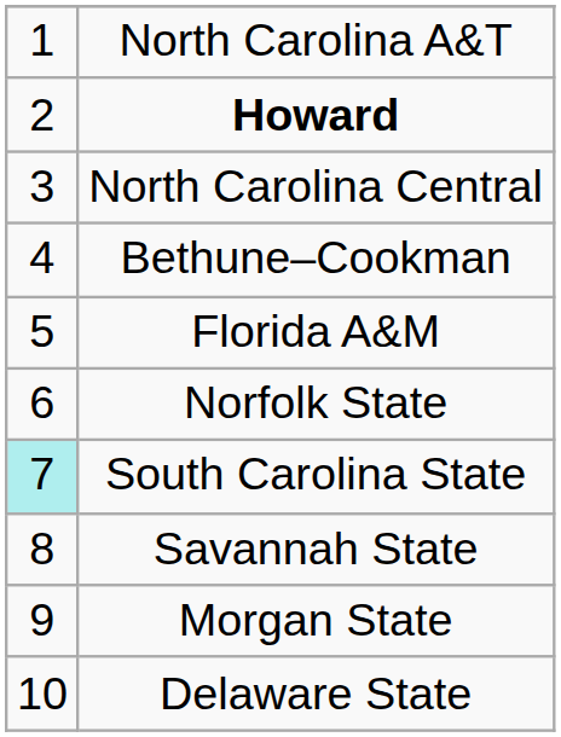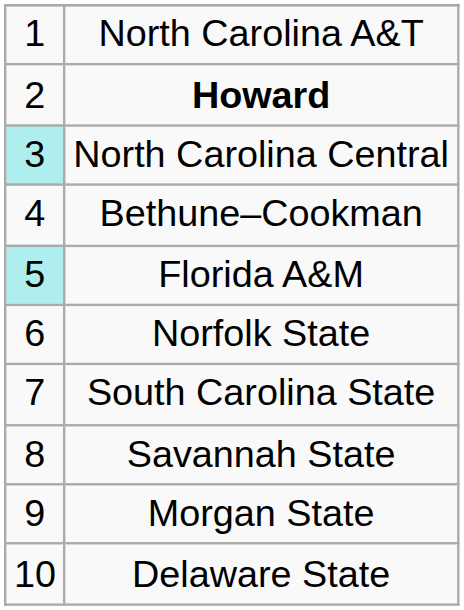 <table class="wikitable">
 <tr align="center">
 </tr>
 <tr align="center">
 <td>1</td>
 <td>North Carolina A&T</td>
 </tr>
 <tr align="center">
 <td>2</td>
 <td><strong>Howard</strong></td>
 </tr>
 <tr align="center">
-<td>3</td>
+<td style="background: paleturquoise;">3</td>
 <td>North Carolina Central</td>
 </tr>
 <tr align="center">
 <td>4</td>
 <td>Bethune–Cookman</td>
 </tr>
 <tr align="center">
-<td>5</td>
+<td style="background: paleturquoise;">5</td>
 <td>Florida A&M</td>
 </tr>
 <tr align="center">
 <td>6</td>
 <td>Norfolk State</td>
 </tr>
 <tr align="center">
-<td style="background: paleturquoise;">7</td>
+<td>7</td>
 <td>South Carolina State</td>
 </tr>
 <tr align="center">
 <td>8</td>
 <td>Savannah State</td>
 </tr>
 <tr align="center">
 <td>9</td>
 <td>Morgan State</td>
 </tr>
 <tr align="center">
 <td>10</td>
 <td>Delaware State</td>
 </tr>
 </table>
